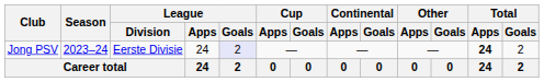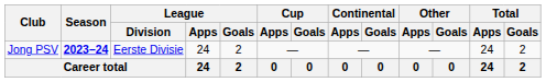 <table class="wikitable" style="text-align:center">
 <tr>
 <th rowspan="2">Club</th>
 <th rowspan="2">Season</th>
 <th colspan="3">League</th>
 <th colspan="2">Cup</th>
 <th colspan="2">Continental</th>
 <th colspan="2">Other</th>
 <th colspan="2">Total</th>
 </tr>
 <tr>
 <th>Division</th>
 <th>Apps</th>
 <th>Goals</th>
 <th>Apps</th>
 <th>Goals</th>
 <th>Apps</th>
 <th>Goals</th>
 <th>Apps</th>
 <th>Goals</th>
 <th>Apps</th>
 <th>Goals</th>
 </tr>
 <tr>
 <td><a href='#'>Jong PSV</a></td>
-<td><a href='#'>2023–24</a></td>
+<td><strong><a href='#'>2023–24</a></strong></td>
 <td><a href='#'>Eerste Divisie</a></td>
 <td>24</td>
-<td style="background: lavender;">2</td>
+<td>2</td>
 <td colspan="2">—</td>
 <td colspan="2">—</td>
 <td colspan="2">—</td>
-<td><strong>24</strong></td>
+<td>24</td>
 <td>2</td>
 </tr>
 <tr>
 <th colspan="3">Career total</th>
 <th>24</th>
 <th>2</th>
 <th>0</th>
 <th>0</th>
 <th>0</th>
 <th>0</th>
 <th>0</th>
 <th>0</th>
 <th>24</th>
 <th>2</th>
 </tr>
 </table>
